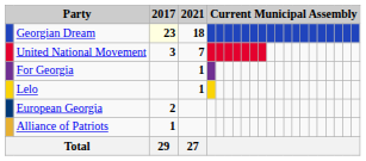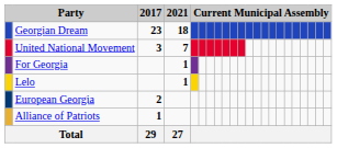 <table class="wikitable">
 <tr>
 <th style="background:#ccc" colspan="2">Party</th>
 <th style="background:#ccc">2017</th>
 <th style="background:#ccc">2021</th>
 <th style="background:#ccc" colspan="45">Current Municipal Assembly</th>
 </tr>
 <tr>
 <td style="background-color: #2044BC"> </td>
 <td><a href='#'>Georgian Dream</a></td>
-<td style="background: lightyellow; text-align: right"><strong>23</strong></td>
+<td style="text-align: right"><strong>23</strong></td>
 <td style="text-align: right"><strong>18</strong></td>
 <td style="background-color: #2044BC"> </td>
 <td style="background-color: #2044BC"> </td>
 <td style="background-color: #2044BC"> </td>
 <td style="background-color: #2044BC"> </td>
 <td style="background-color: #2044BC"> </td>
 <td style="background-color: #2044BC"> </td>
 <td style="background-color: #2044BC"> </td>
 <td style="background-color: #2044BC"> </td>
 <td style="background-color: #2044BC"> </td>
 <td style="background-color: #2044BC"> </td>
 <td style="background-color: #2044BC"> </td>
 <td style="background-color: #2044BC"> </td>
 <td style="background-color: #2044BC"> </td>
 <td style="background-color: #2044BC"> </td>
 <td style="background-color: #2044BC"> </td>
 <td style="background-color: #2044BC"> </td>
 <td style="background-color: #2044BC"> </td>
 <td style="background-color: #2044BC"> </td>
 </tr>
 <tr>
 <td style="background-color: #e4012e"> </td>
 <td><a href='#'>United National Movement</a></td>
 <td style="text-align: right"><strong>3</strong></td>
 <td style="text-align: right"><strong>7</strong></td>
 <td style="background-color: #e4012e"> </td>
 <td style="background-color: #e4012e"> </td>
 <td style="background-color: #e4012e"> </td>
 <td style="background-color: #e4012e"> </td>
 <td style="background-color: #e4012e"> </td>
 <td style="background-color: #e4012e"> </td>
 <td style="background-color: #e4012e"> </td>
 <td></td>
 <td></td>
 <td></td>
 <td></td>
 <td></td>
 <td></td>
 <td></td>
 <td></td>
 <td></td>
 <td></td>
 <td></td>
 </tr>
 <tr>
 <td style="background-color: #702F92"> </td>
 <td><a href='#'>For Georgia</a></td>
 <td></td>
 <td style="text-align: right"><strong>1</strong></td>
 <td style="background-color: #702F92"> </td>
 <td></td>
 <td></td>
 <td></td>
 <td></td>
 <td></td>
 <td></td>
 <td></td>
 <td></td>
 <td></td>
 <td></td>
 <td></td>
 <td></td>
 <td></td>
 <td></td>
 <td></td>
 <td></td>
 <td></td>
 </tr>
 <tr>
 <td style="background-color: #fad406"> </td>
 <td><a href='#'>Lelo</a></td>
 <td></td>
 <td style="text-align: right"><strong>1</strong></td>
 <td style="background-color: #fad406"> </td>
 <td></td>
 <td></td>
 <td></td>
 <td></td>
 <td></td>
 <td></td>
 <td></td>
 <td></td>
 <td></td>
 <td></td>
 <td></td>
 <td></td>
 <td></td>
 <td></td>
 <td></td>
 <td></td>
 <td></td>
 </tr>
 <tr>
 <td style="background-color: #003876"> </td>
 <td><a href='#'>European Georgia</a></td>
 <td style="text-align: right"><strong>2</strong></td>
 <td></td>
 <td></td>
 <td></td>
 <td></td>
 <td></td>
 <td></td>
 <td></td>
 <td></td>
 <td></td>
 <td></td>
 <td></td>
 <td></td>
 <td></td>
 <td></td>
 <td></td>
 <td></td>
 <td></td>
 <td></td>
 <td></td>
 </tr>
 <tr>
 <td style="background-color: #e7b031"> </td>
 <td><a href='#'>Alliance of Patriots</a></td>
 <td style="text-align: right"><strong>1</strong></td>
 <td></td>
 <td></td>
 <td></td>
 <td></td>
 <td></td>
 <td></td>
 <td></td>
 <td></td>
 <td></td>
 <td></td>
 <td></td>
 <td></td>
 <td></td>
 <td></td>
 <td></td>
 <td></td>
 <td></td>
 <td></td>
 <td></td>
 </tr>
 <tr>
 <th colspan=2>Total</th>
 <th align=right>29</th>
 <th align=right>27</th>
 <th colspan=45> </th>
 </tr>
 </table>
